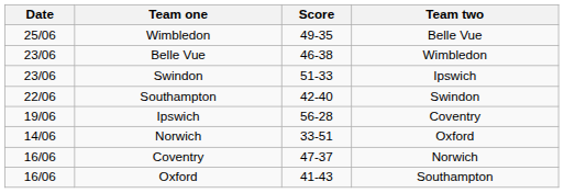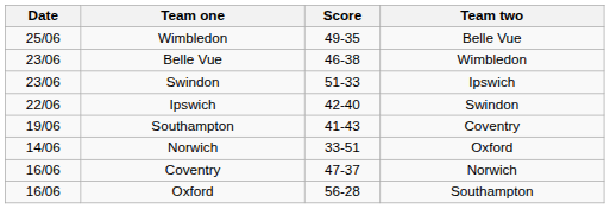 <table class="wikitable" style="text-align: center">
 <tr>
 <th width=80>Date</th>
 <th width=250>Team one</th>
 <th width=80>Score</th>
 <th width=250>Team two</th>
 </tr>
 <tr>
 <td>25/06</td>
 <td>Wimbledon</td>
 <td>49-35</td>
 <td>Belle Vue</td>
 </tr>
 <tr>
 <td>23/06</td>
 <td>Belle Vue</td>
 <td>46-38</td>
 <td>Wimbledon</td>
 </tr>
 <tr>
 <td>23/06</td>
 <td>Swindon</td>
 <td>51-33</td>
 <td>Ipswich</td>
 </tr>
 <tr>
 <td>22/06</td>
-<td>Southampton</td>
+<td>Ipswich</td>
 <td>42-40</td>
 <td>Swindon</td>
 </tr>
 <tr>
 <td>19/06</td>
-<td>Ipswich</td>
-<td>56-28</td>
+<td>Southampton</td>
+<td>41-43</td>
 <td>Coventry</td>
 </tr>
 <tr>
 <td>14/06</td>
 <td>Norwich</td>
 <td>33-51</td>
 <td>Oxford</td>
 </tr>
 <tr>
 <td>16/06</td>
 <td>Coventry</td>
 <td>47-37</td>
 <td>Norwich</td>
 </tr>
 <tr>
 <td>16/06</td>
 <td>Oxford</td>
-<td>41-43</td>
+<td>56-28</td>
 <td>Southampton</td>
 </tr>
 </table>
